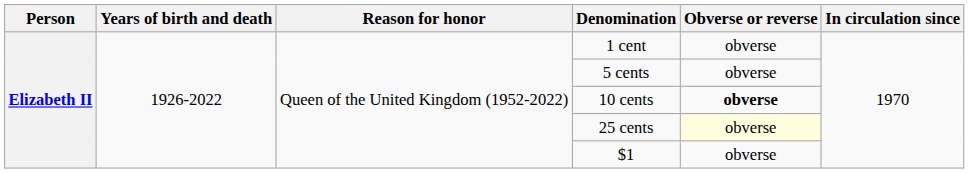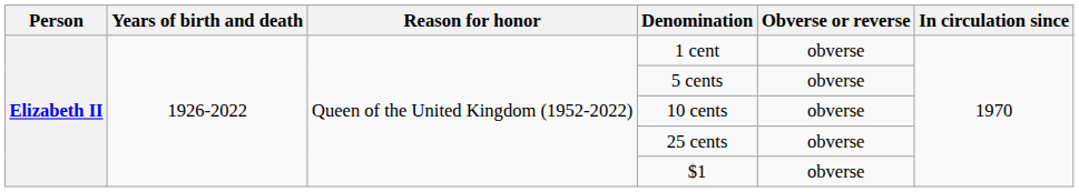 <table class="wikitable" style="font-size:95%; text-align:center;">
 <tr>
 <th>Person</th>
 <th>Years of birth and death</th>
 <th>Reason for honor</th>
 <th>Denomination</th>
 <th>Obverse or reverse</th>
 <th>In circulation since</th>
 </tr>
 <tr>
 <th rowspan="5"><a href='#'>Elizabeth II</a></th>
 <td rowspan="5">1926-2022</td>
 <td rowspan="5">Queen of the United Kingdom (1952-2022)</td>
 <td>1 cent</td>
 <td>obverse</td>
 <td rowspan="5">1970</td>
 </tr>
 <tr>
 <td>5 cents</td>
 <td>obverse</td>
 </tr>
 <tr>
 <td>10 cents</td>
-<td><strong>obverse</strong></td>
+<td>obverse</td>
 </tr>
 <tr>
 <td>25 cents</td>
-<td style="background: lightyellow;">obverse</td>
+<td>obverse</td>
 </tr>
 <tr>
 <td>$1</td>
 <td>obverse</td>
 </tr>
 </table>
